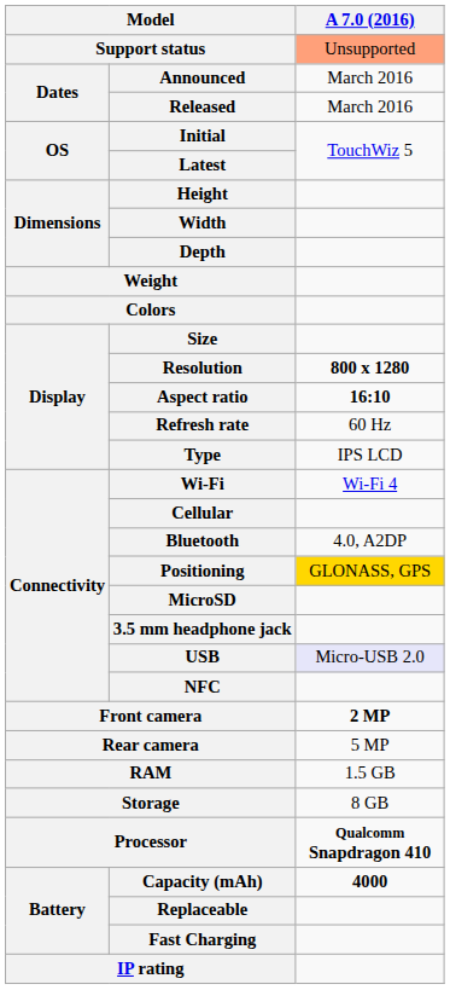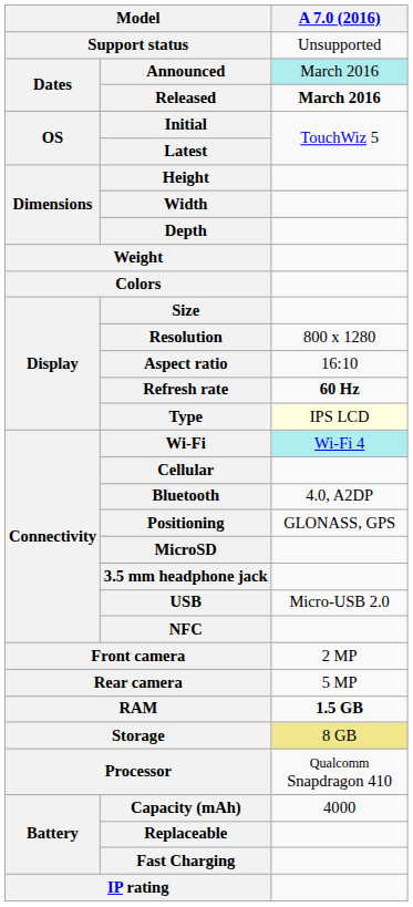 <table class="wikitable" style="text-align:center; font-size:90%;">
 <tr>
 <th colspan="2">Model</th>
 <th style="min-width: 8em"><a href='#'>A 7.0 (2016)</a></th>
 </tr>
 <tr>
 <th colspan="2">Support status</th>
-<td style="background: lightsalmon;">Unsupported</td>
+<td>Unsupported</td>
 </tr>
 <tr>
 <th rowspan="2">Dates</th>
 <th>Announced</th>
-<td>March 2016</td>
+<td style="background: paleturquoise;">March 2016</td>
 </tr>
 <tr>
 <th>Released</th>
-<td>March 2016</td>
+<td><strong>March 2016</strong></td>
 </tr>
 <tr>
 <th rowspan="2">OS</th>
 <th>Initial</th>
 <td rowspan="2"><a href='#'>TouchWiz</a> 5<br></td>
 </tr>
 <tr>
 <th>Latest</th>
 </tr>
 <tr>
 <th rowspan="3">Dimensions<br></th>
 <th>Height</th>
 <td></td>
 </tr>
 <tr>
 <th>Width</th>
 <td></td>
 </tr>
 <tr>
 <th>Depth</th>
 <td></td>
 </tr>
 <tr>
 <th colspan="2">Weight<br></th>
 <td></td>
 </tr>
 <tr>
 <th colspan="2">Colors</th>
 <td> </td>
 </tr>
 <tr>
 <th rowspan="5">Display</th>
 <th>Size</th>
 <td></td>
 </tr>
 <tr>
 <th>Resolution</th>
-<td><strong>800 x 1280</strong></td>
+<td>800 x 1280</td>
 </tr>
 <tr>
 <th>Aspect ratio</th>
-<td><strong>16:10</strong></td>
+<td>16:10</td>
 </tr>
 <tr>
 <th>Refresh rate</th>
-<td>60 Hz</td>
+<td><strong>60 Hz</strong></td>
 </tr>
 <tr>
 <th>Type</th>
-<td>IPS LCD</td>
+<td style="background: lightyellow;">IPS LCD</td>
 </tr>
 <tr>
 <th rowspan="8">Connectivity</th>
 <th>Wi-Fi</th>
-<td><a href='#'>Wi-Fi 4</a></td>
+<td style="background: paleturquoise;"><a href='#'>Wi-Fi 4</a></td>
 </tr>
 <tr>
 <th>Cellular</th>
 <td></td>
 </tr>
 <tr>
 <th>Bluetooth</th>
 <td>4.0, A2DP</td>
 </tr>
 <tr>
 <th>Positioning</th>
-<td style="background: gold;">GLONASS, GPS</td>
+<td>GLONASS, GPS</td>
 </tr>
 <tr>
 <th>MicroSD</th>
 <td></td>
 </tr>
 <tr>
 <th>3.5 mm headphone jack</th>
 <td></td>
 </tr>
 <tr>
 <th>USB</th>
-<td style="background: lavender;">Micro-USB 2.0</td>
+<td>Micro-USB 2.0</td>
 </tr>
 <tr>
 <th>NFC</th>
 <td></td>
 </tr>
 <tr>
 <th colspan="2">Front camera</th>
-<td><strong>2 MP</strong></td>
+<td>2 MP</td>
 </tr>
 <tr>
 <th colspan="2">Rear camera</th>
 <td>5 MP</td>
 </tr>
 <tr>
 <th colspan="2">RAM</th>
-<td>1.5 GB</td>
+<td><strong>1.5 GB</strong></td>
 </tr>
 <tr>
 <th colspan="2">Storage</th>
-<td>8 GB</td>
+<td style="background: khaki;">8 GB</td>
 </tr>
 <tr>
 <th colspan="2">Processor</th>
-<td><strong><small>Qualcomm</small><br>Snapdragon 410</strong></td>
+<td><small>Qualcomm</small><br>Snapdragon 410</td>
 </tr>
 <tr>
 <th rowspan="3">Battery</th>
 <th>Capacity (mAh)</th>
-<td><strong>4000</strong></td>
+<td>4000</td>
 </tr>
 <tr>
 <th>Replaceable</th>
 <td></td>
 </tr>
 <tr>
 <th>Fast Charging</th>
 <td></td>
 </tr>
 <tr>
 <th colspan="2"><a href='#'>IP</a> rating</th>
 <td></td>
 </tr>
 </table>
